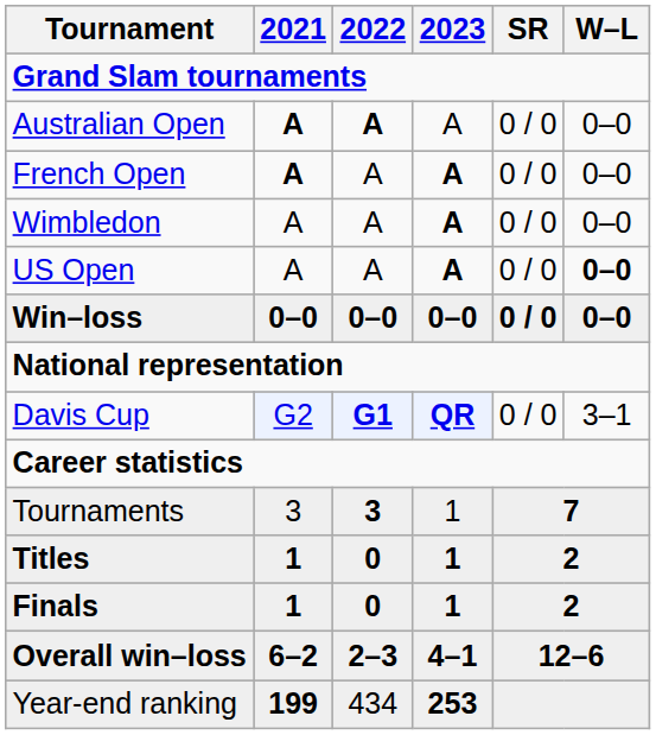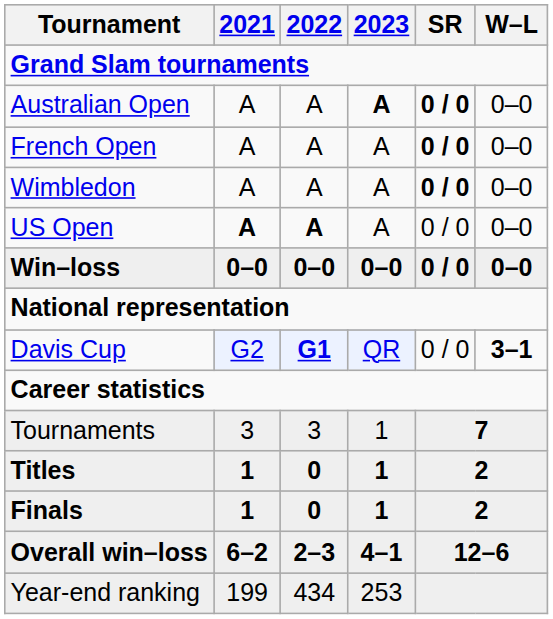 <table class=wikitable style=text-align:center;font-size:97%>
 <tr>
 <th>Tournament</th>
 <th><a href='#'>2021</a></th>
 <th><a href='#'>2022</a></th>
 <th><a href='#'>2023</a></th>
 <th>SR</th>
 <th width=38>W–L</th>
 </tr>
 <tr>
 <td colspan="6" align="left"><strong><a href='#'>Grand Slam tournaments</a></strong></td>
 </tr>
 <tr>
 <td align=left><a href='#'>Australian Open</a></td>
+<td>A</td>
+<td>A</td>
 <td><strong>A</strong></td>
-<td><strong>A</strong></td>
-<td>A</td>
-<td>0 / 0</td>
+<td><strong>0 / 0</strong></td>
 <td>0–0</td>
 </tr>
 <tr>
 <td align=left><a href='#'>French Open</a></td>
-<td><strong>A</strong></td>
 <td>A</td>
-<td><strong>A</strong></td>
-<td>0 / 0</td>
+<td>A</td>
+<td>A</td>
+<td><strong>0 / 0</strong></td>
 <td>0–0</td>
 </tr>
 <tr>
 <td align=left><a href='#'>Wimbledon</a></td>
 <td>A</td>
 <td>A</td>
-<td><strong>A</strong></td>
-<td>0 / 0</td>
+<td>A</td>
+<td><strong>0 / 0</strong></td>
 <td>0–0</td>
 </tr>
 <tr>
 <td align=left><a href='#'>US Open</a></td>
+<td><strong>A</strong></td>
+<td><strong>A</strong></td>
 <td>A</td>
-<td>A</td>
-<td><strong>A</strong></td>
 <td>0 / 0</td>
-<td><strong>0–0</strong></td>
+<td>0–0</td>
 </tr>
 <tr style=font-weight:bold;background:#efefef>
 <td style=text-align:left>Win–loss</td>
 <td>0–0</td>
 <td>0–0</td>
 <td>0–0</td>
 <td>0 / 0</td>
 <td>0–0</td>
 </tr>
 <tr>
 <td colspan="6" style="text-align:left"><strong>National representation</strong></td>
 </tr>
 <tr>
 <td align=left><a href='#'>Davis Cup</a></td>
 <td bgcolor=ecf2ff><a href='#'>G2</a></td>
 <td bgcolor=ecf2ff><strong><a href='#'>G1</a></strong></td>
-<td bgcolor=ecf2ff><strong><a href='#'>QR</a></strong></td>
+<td bgcolor=ecf2ff><a href='#'>QR</a></td>
 <td>0 / 0</td>
-<td>3–1</td>
+<td><strong>3–1</strong></td>
 </tr>
 <tr>
 <td colspan="6" style="text-align:left"><strong>Career statistics</strong></td>
 </tr>
 <tr bgcolor=efefef>
 <td style=text-align:left>Tournaments</td>
 <td>3</td>
-<td><strong>3</strong></td>
+<td>3</td>
 <td>1</td>
 <td colspan="2"><strong>7</strong></td>
 </tr>
 <tr style=font-weight:bold;background:#efefef>
 <td style=text-align:left>Titles</td>
 <td>1</td>
 <td>0</td>
 <td>1</td>
 <td colspan="2">2</td>
 </tr>
 <tr style=font-weight:bold;background:#efefef>
 <td style=text-align:left>Finals</td>
 <td>1</td>
 <td>0</td>
 <td>1</td>
 <td colspan="2">2</td>
 </tr>
 <tr style=font-weight:bold;background:#efefef>
 <td style=text-align:left>Overall win–loss</td>
 <td>6–2</td>
 <td>2–3</td>
 <td>4–1</td>
 <td colspan="2">12–6</td>
 </tr>
 <tr bgcolor=efefef>
 <td style=text-align:left>Year-end ranking</td>
-<td><strong>199</strong></td>
+<td>199</td>
 <td>434</td>
-<td><strong>253</strong></td>
+<td>253</td>
 <td colspan="2"><strong></strong></td>
 </tr>
 </table>
